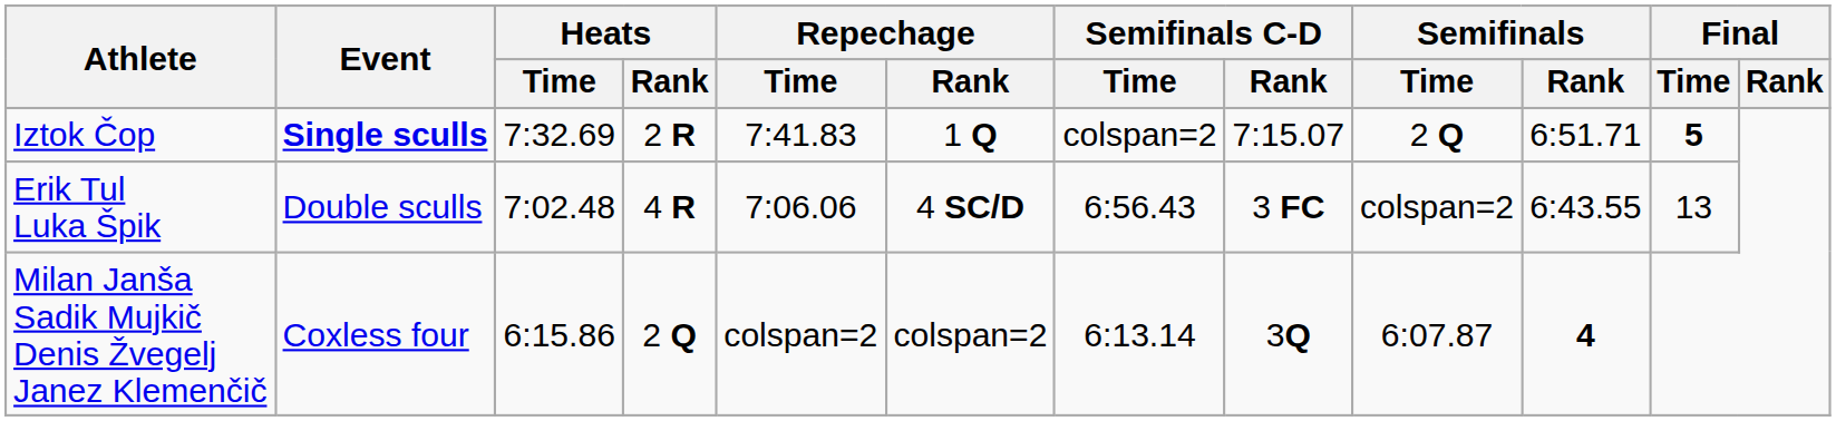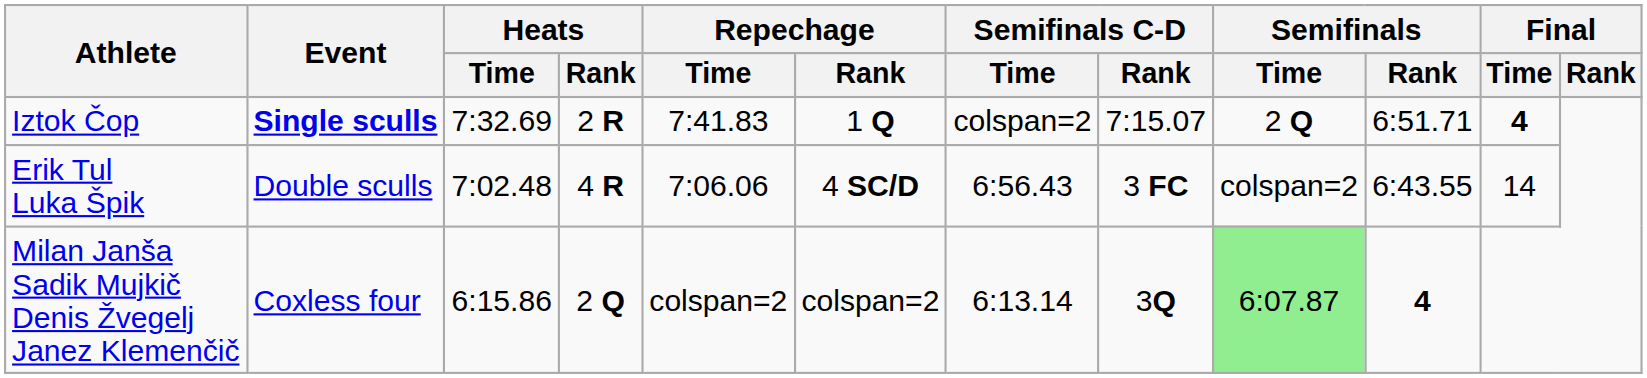 <table class="wikitable" style="font-size:90%">
 <tr>
 <th rowspan="2">Athlete</th>
 <th rowspan="2">Event</th>
 <th colspan="2">Heats</th>
 <th colspan="2">Repechage</th>
 <th colspan="2">Semifinals C-D</th>
 <th colspan="2">Semifinals</th>
 <th colspan="2">Final</th>
 </tr>
 <tr style="font-size:95%">
 <th>Time</th>
 <th>Rank</th>
 <th>Time</th>
 <th>Rank</th>
 <th>Time</th>
 <th>Rank</th>
 <th>Time</th>
 <th>Rank</th>
 <th>Time</th>
 <th>Rank</th>
 </tr>
 <tr align=center>
 <td align=left><a href='#'>Iztok Čop</a></td>
 <td align=left><strong><a href='#'>Single sculls</a></strong></td>
 <td>7:32.69</td>
 <td>2 <strong>R</strong></td>
 <td>7:41.83</td>
 <td>1 <strong>Q</strong></td>
 <td>colspan=2 </td>
 <td>7:15.07</td>
 <td>2 <strong>Q</strong></td>
 <td>6:51.71</td>
-<td><strong>5</strong></td>
+<td><strong>4</strong></td>
 </tr>
 <tr align=center>
 <td align=left><a href='#'>Erik Tul</a><br><a href='#'>Luka Špik</a></td>
 <td align=left><a href='#'>Double sculls</a></td>
 <td>7:02.48</td>
 <td>4 <strong>R</strong></td>
 <td>7:06.06</td>
 <td>4 <strong>SC/D</strong></td>
 <td>6:56.43</td>
 <td>3 <strong>FC</strong></td>
 <td>colspan=2 </td>
 <td>6:43.55</td>
-<td>13</td>
+<td>14</td>
 </tr>
 <tr align=center>
 <td align=left><a href='#'>Milan Janša</a><br><a href='#'>Sadik Mujkič</a><br><a href='#'>Denis Žvegelj</a><br><a href='#'>Janez Klemenčič</a></td>
 <td align=left><a href='#'>Coxless four</a></td>
 <td>6:15.86</td>
 <td>2 <strong>Q</strong></td>
 <td>colspan=2 </td>
 <td>colspan=2 </td>
 <td>6:13.14</td>
 <td>3<strong>Q</strong></td>
-<td>6:07.87</td>
+<td style="background: lightgreen;">6:07.87</td>
 <td><strong>4</strong></td>
 </tr>
 </table>
